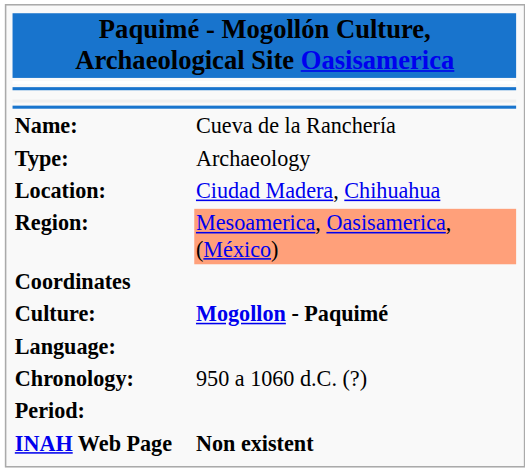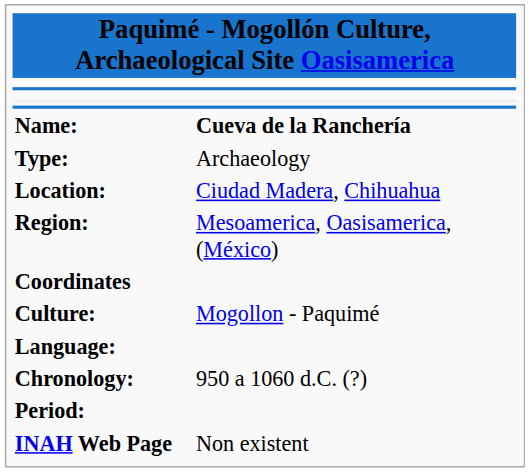 <table class="infobox" style="font-size:90%; text-align:left; width:23.5em">
 <tr>
 <td colspan="3" bgcolor=#1874CD style="text-align: center; font-size: larger;"><span><strong>Paquimé - Mogollón Culture, Archaeological Site <a href='#'>Oasisamerica</a></strong></span></td>
 </tr>
 <tr style="vertical-align: top; text-align: center;">
 <td colspan=3 bgcolor="#FFFFFF" align="center"></td>
 </tr>
 <tr>
 <td colspan="2" bgcolor=#1874CD></td>
 </tr>
 <tr>
 <td colspan=2></td>
 </tr>
 <tr>
 <td style="background:#efefef;"align="center" colspan="2"></td>
 </tr>
 <tr>
 <td colspan="2" bgcolor=#1874CD></td>
 </tr>
 <tr>
 <td><strong>Name:</strong></td>
-<td><span> Cueva de la Ranchería</span></td>
+<td><strong><span> Cueva de la Ranchería</span></strong></td>
 </tr>
 <tr>
 <td><strong>Type:</strong></td>
 <td>Archaeology</td>
 </tr>
 <tr>
 <td><strong>Location: </strong></td>
 <td><a href='#'>Ciudad Madera</a>, <a href='#'>Chihuahua</a><br></td>
 </tr>
 <tr>
 <td><strong>Region:</strong></td>
-<td style="background: lightsalmon;"><a href='#'>Mesoamerica</a>, <a href='#'>Oasisamerica</a>, (<a href='#'>México</a>)</td>
+<td><a href='#'>Mesoamerica</a>, <a href='#'>Oasisamerica</a>, (<a href='#'>México</a>)</td>
 </tr>
 <tr>
 <td><strong>Coordinates</strong></td>
 <td></td>
 </tr>
 <tr>
 <td><strong>Culture:</strong></td>
-<td><strong><a href='#'>Mogollon</a> - Paquimé</strong></td>
+<td><a href='#'>Mogollon</a> - Paquimé</td>
 </tr>
 <tr>
 <td><strong>Language:</strong></td>
 <td></td>
 </tr>
 <tr>
 <td><strong>Chronology:</strong></td>
 <td>950 a 1060 d.C. (?)</td>
 </tr>
 <tr>
 <td><strong>Period:</strong></td>
 <td></td>
 </tr>
 <tr>
 <td><strong> <a href='#'>INAH</a> Web Page </strong></td>
-<td><strong>Non existent</strong></td>
+<td>Non existent</td>
 </tr>
 </table>
